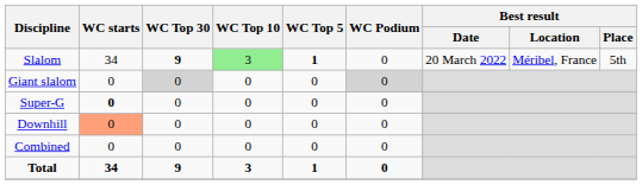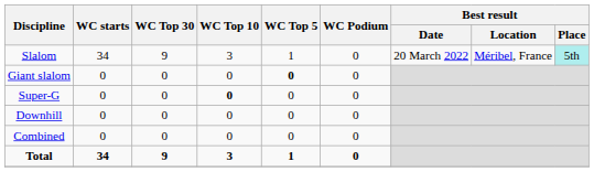 <table class="wikitable" style="text-align:center; font-size:95%;">
 <tr>
 <th rowspan=2>Discipline</th>
 <th rowspan=2>WC starts</th>
 <th rowspan=2>WC Top 30</th>
 <th rowspan=2>WC Top 10</th>
 <th rowspan=2>WC Top 5</th>
 <th rowspan=2>WC Podium</th>
 <th colspan=3>Best result</th>
 </tr>
 <tr>
 <th>Date</th>
 <th>Location</th>
 <th>Place</th>
 </tr>
 <tr>
 <td><a href='#'>Slalom</a></td>
 <td>34</td>
-<td><strong>9</strong></td>
-<td style="background: lightgreen;">3</td>
-<td><strong>1</strong></td>
+<td>9</td>
+<td>3</td>
+<td>1</td>
 <td>0</td>
 <td align=right>20 March <a href='#'>2022</a></td>
 <td align=left> <a href='#'>Méribel</a>, France</td>
-<td>5th</td>
+<td style="background: paleturquoise;">5th</td>
 </tr>
 <tr>
 <td><a href='#'>Giant slalom</a></td>
 <td>0</td>
-<td style="background: lightgrey;">0</td>
 <td>0</td>
 <td>0</td>
-<td style="background: lightgrey;">0</td>
+<td><strong>0</strong></td>
+<td>0</td>
 <td colspan=3 bgcolor=#DCDCDC></td>
 </tr>
 <tr>
 <td><a href='#'>Super-G</a></td>
-<td><strong>0</strong></td>
 <td>0</td>
 <td>0</td>
+<td><strong>0</strong></td>
 <td>0</td>
 <td>0</td>
 <td colspan=3 bgcolor=#DCDCDC></td>
 </tr>
 <tr>
 <td><a href='#'>Downhill</a></td>
-<td style="background: lightsalmon;">0</td>
+<td>0</td>
 <td>0</td>
 <td>0</td>
 <td>0</td>
 <td align=center>0</td>
 <td colspan=3 bgcolor=#DCDCDC></td>
 </tr>
 <tr>
 <td><a href='#'>Combined</a></td>
 <td>0</td>
 <td>0</td>
 <td>0</td>
 <td>0</td>
 <td>0</td>
 <td colspan=3 bgcolor=#DCDCDC></td>
 </tr>
 <tr>
 <td><strong>Total</strong></td>
 <td><strong>34</strong></td>
 <td><strong>9</strong></td>
 <td><strong>3</strong></td>
 <td><strong>1</strong></td>
 <td><strong>0</strong></td>
 <td colspan=3 bgcolor=#DCDCDC></td>
 </tr>
 <tr>
 </tr>
 </table>
